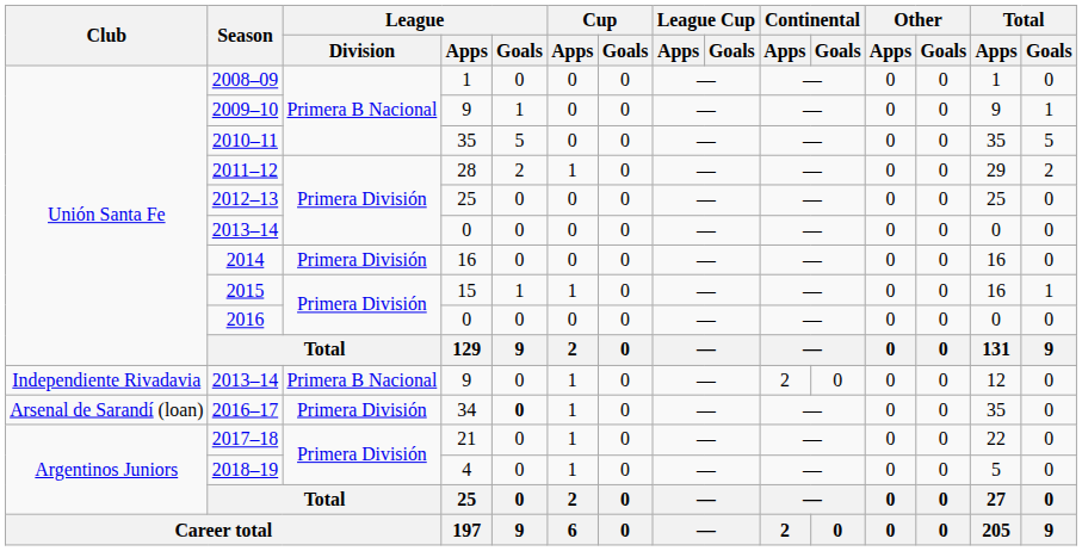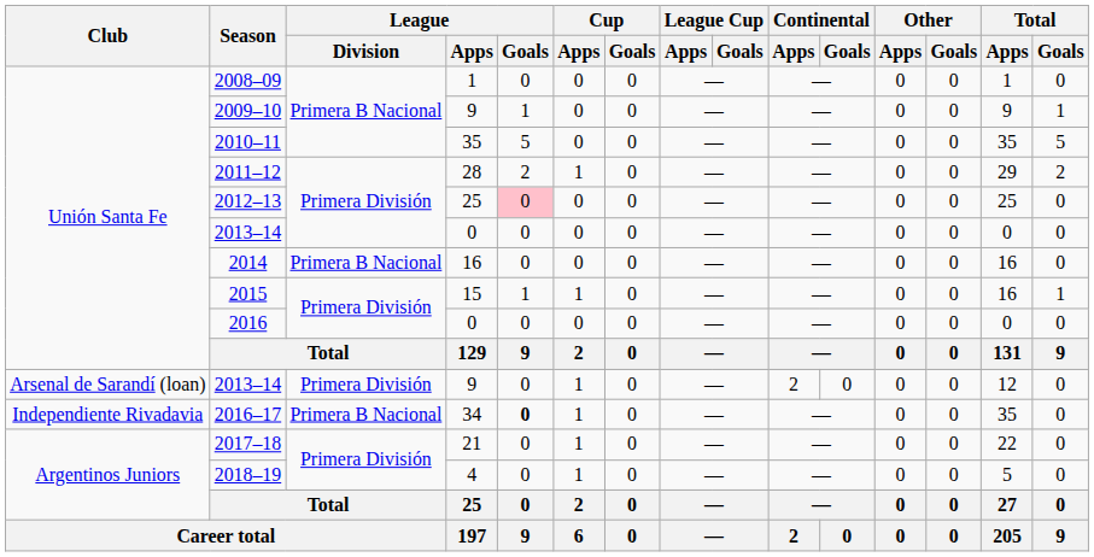 <table class="wikitable" style="text-align:center">
 <tr>
 <th rowspan="2">Club</th>
 <th rowspan="2">Season</th>
 <th colspan="3">League</th>
 <th colspan="2">Cup</th>
 <th colspan="2">League Cup</th>
 <th colspan="2">Continental</th>
 <th colspan="2">Other</th>
 <th colspan="2">Total</th>
 </tr>
 <tr>
 <th>Division</th>
 <th>Apps</th>
 <th>Goals</th>
 <th>Apps</th>
 <th>Goals</th>
 <th>Apps</th>
 <th>Goals</th>
 <th>Apps</th>
 <th>Goals</th>
 <th>Apps</th>
 <th>Goals</th>
 <th>Apps</th>
 <th>Goals</th>
 </tr>
 <tr>
 <td rowspan="10"><a href='#'>Unión Santa Fe</a></td>
 <td><a href='#'>2008–09</a></td>
 <td rowspan="3"><a href='#'>Primera B Nacional</a></td>
 <td>1</td>
 <td>0</td>
 <td>0</td>
 <td>0</td>
 <td colspan="2">—</td>
 <td colspan="2">—</td>
 <td>0</td>
 <td>0</td>
 <td>1</td>
 <td>0</td>
 </tr>
 <tr>
 <td><a href='#'>2009–10</a></td>
 <td>9</td>
 <td>1</td>
 <td>0</td>
 <td>0</td>
 <td colspan="2">—</td>
 <td colspan="2">—</td>
 <td>0</td>
 <td>0</td>
 <td>9</td>
 <td>1</td>
 </tr>
 <tr>
 <td><a href='#'>2010–11</a></td>
 <td>35</td>
 <td>5</td>
 <td>0</td>
 <td>0</td>
 <td colspan="2">—</td>
 <td colspan="2">—</td>
 <td>0</td>
 <td>0</td>
 <td>35</td>
 <td>5</td>
 </tr>
 <tr>
 <td><a href='#'>2011–12</a></td>
 <td rowspan="3"><a href='#'>Primera División</a></td>
 <td>28</td>
 <td>2</td>
 <td>1</td>
 <td>0</td>
 <td colspan="2">—</td>
 <td colspan="2">—</td>
 <td>0</td>
 <td>0</td>
 <td>29</td>
 <td>2</td>
 </tr>
 <tr>
 <td><a href='#'>2012–13</a></td>
 <td>25</td>
-<td>0</td>
+<td style="background: pink;">0</td>
 <td>0</td>
 <td>0</td>
 <td colspan="2">—</td>
 <td colspan="2">—</td>
 <td>0</td>
 <td>0</td>
 <td>25</td>
 <td>0</td>
 </tr>
 <tr>
 <td><a href='#'>2013–14</a></td>
 <td>0</td>
 <td>0</td>
 <td>0</td>
 <td>0</td>
 <td colspan="2">—</td>
 <td colspan="2">—</td>
 <td>0</td>
 <td>0</td>
 <td>0</td>
 <td>0</td>
 </tr>
 <tr>
 <td><a href='#'>2014</a></td>
-<td rowspan="1"><a href='#'>Primera División</a></td>
+<td rowspan="1"><a href='#'>Primera B Nacional</a></td>
 <td>16</td>
 <td>0</td>
 <td>0</td>
 <td>0</td>
 <td colspan="2">—</td>
 <td colspan="2">—</td>
 <td>0</td>
 <td>0</td>
 <td>16</td>
 <td>0</td>
 </tr>
 <tr>
 <td><a href='#'>2015</a></td>
 <td rowspan="2"><a href='#'>Primera División</a></td>
 <td>15</td>
 <td>1</td>
 <td>1</td>
 <td>0</td>
 <td colspan="2">—</td>
 <td colspan="2">—</td>
 <td>0</td>
 <td>0</td>
 <td>16</td>
 <td>1</td>
 </tr>
 <tr>
 <td><a href='#'>2016</a></td>
 <td>0</td>
 <td>0</td>
 <td>0</td>
 <td>0</td>
 <td colspan="2">—</td>
 <td colspan="2">—</td>
 <td>0</td>
 <td>0</td>
 <td>0</td>
 <td>0</td>
 </tr>
 <tr>
 <th colspan="2">Total</th>
 <th>129</th>
 <th>9</th>
 <th>2</th>
 <th>0</th>
 <th colspan="2">—</th>
 <th colspan="2">—</th>
 <th>0</th>
 <th>0</th>
 <th>131</th>
 <th>9</th>
 </tr>
 <tr>
-<td rowspan="1"><a href='#'>Independiente Rivadavia</a></td>
+<td rowspan="1"><a href='#'>Arsenal de Sarandí</a> (loan)</td>
 <td><a href='#'>2013–14</a></td>
-<td rowspan="1"><a href='#'>Primera B Nacional</a></td>
+<td rowspan="1"><a href='#'>Primera División</a></td>
 <td>9</td>
 <td>0</td>
 <td>1</td>
 <td>0</td>
 <td colspan="2">—</td>
 <td>2</td>
 <td>0</td>
 <td>0</td>
 <td>0</td>
 <td>12</td>
 <td>0</td>
 </tr>
 <tr>
-<td rowspan="1"><a href='#'>Arsenal de Sarandí</a> (loan)</td>
+<td rowspan="1"><a href='#'>Independiente Rivadavia</a></td>
 <td><a href='#'>2016–17</a></td>
-<td rowspan="1"><a href='#'>Primera División</a></td>
+<td rowspan="1"><a href='#'>Primera B Nacional</a></td>
 <td>34</td>
 <td><strong>0</strong></td>
 <td>1</td>
 <td>0</td>
 <td colspan="2">—</td>
 <td colspan="2">—</td>
 <td>0</td>
 <td>0</td>
 <td>35</td>
 <td>0</td>
 </tr>
 <tr>
 <td rowspan="3"><a href='#'>Argentinos Juniors</a></td>
 <td><a href='#'>2017–18</a></td>
 <td rowspan="2"><a href='#'>Primera División</a></td>
 <td>21</td>
 <td>0</td>
 <td>1</td>
 <td>0</td>
 <td colspan="2">—</td>
 <td colspan="2">—</td>
 <td>0</td>
 <td>0</td>
 <td>22</td>
 <td>0</td>
 </tr>
 <tr>
 <td><a href='#'>2018–19</a></td>
 <td>4</td>
 <td>0</td>
 <td>1</td>
 <td>0</td>
 <td colspan="2">—</td>
 <td colspan="2">—</td>
 <td>0</td>
 <td>0</td>
 <td>5</td>
 <td>0</td>
 </tr>
 <tr>
 <th colspan="2">Total</th>
 <th>25</th>
 <th>0</th>
 <th>2</th>
 <th>0</th>
 <th colspan="2">—</th>
 <th colspan="2">—</th>
 <th>0</th>
 <th>0</th>
 <th>27</th>
 <th>0</th>
 </tr>
 <tr>
 <th colspan="3">Career total</th>
 <th>197</th>
 <th>9</th>
 <th>6</th>
 <th>0</th>
 <th colspan="2">—</th>
 <th>2</th>
 <th>0</th>
 <th>0</th>
 <th>0</th>
 <th>205</th>
 <th>9</th>
 </tr>
 </table>
